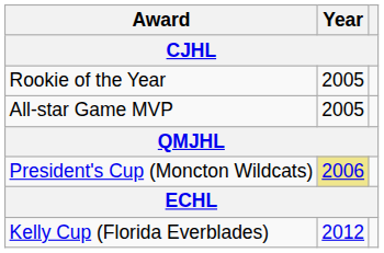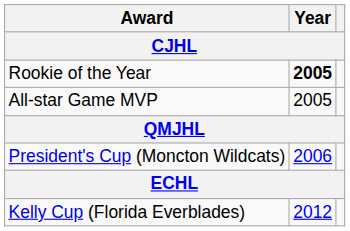 <table class="wikitable">
 <tr>
 <th>Award</th>
 <th>Year</th>
 <th></th>
 </tr>
 <tr ALIGN="center" bgcolor="#e0e0e0">
 <th colspan="3"><a href='#'>CJHL</a></th>
 </tr>
 <tr>
 <td>Rookie of the Year</td>
-<td>2005</td>
+<td><strong>2005</strong></td>
 <td></td>
 </tr>
 <tr>
 <td>All-star Game MVP</td>
 <td>2005</td>
 <td></td>
 </tr>
 <tr ALIGN="center" bgcolor="#e0e0e0">
 <th colspan="3"><a href='#'>QMJHL</a></th>
 </tr>
 <tr>
 <td><a href='#'>President's Cup</a> (Moncton Wildcats)</td>
-<td style="background: khaki;"><a href='#'>2006</a></td>
+<td><a href='#'>2006</a></td>
 <td></td>
 </tr>
 <tr ALIGN="center" bgcolor="#e0e0e0">
 <th colspan="3"><a href='#'>ECHL</a></th>
 </tr>
 <tr>
 <td><a href='#'>Kelly Cup</a> (Florida Everblades)</td>
 <td><a href='#'>2012</a></td>
 <td></td>
 </tr>
 </table>
